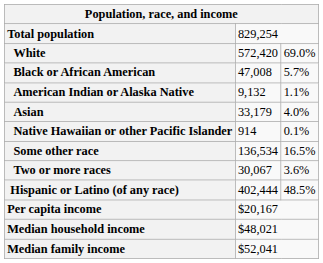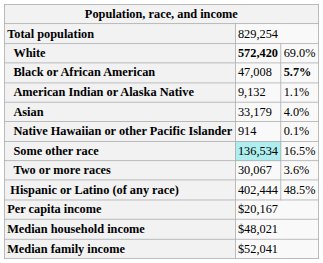 <table class="wikitable collapsible collapsed">
 <tr>
 <th colspan="6">Population, race, and income</th>
 </tr>
 <tr>
 <th scope="row" style="text-align: left;">Total population</th>
 <td colspan="2">829,254</td>
 </tr>
 <tr>
 <th scope="row" style="text-align: left;">  White</th>
-<td>572,420</td>
+<td><strong>572,420</strong></td>
 <td>69.0%</td>
 </tr>
 <tr>
 <th scope="row" style="text-align: left;">  Black or African American</th>
 <td>47,008</td>
-<td>5.7%</td>
+<td><strong>5.7%</strong></td>
 </tr>
 <tr>
 <th scope="row" style="text-align: left;">  American Indian or Alaska Native</th>
 <td>9,132</td>
 <td>1.1%</td>
 </tr>
 <tr>
 <th scope="row" style="text-align: left;">  Asian</th>
 <td>33,179</td>
 <td>4.0%</td>
 </tr>
 <tr>
 <th scope="row" style="text-align: left;">  Native Hawaiian or other Pacific Islander</th>
 <td>914</td>
 <td>0.1%</td>
 </tr>
 <tr>
 <th scope="row" style="text-align: left;">  Some other race</th>
-<td>136,534</td>
+<td style="background: paleturquoise;">136,534</td>
 <td>16.5%</td>
 </tr>
 <tr>
 <th scope="row" style="text-align: left;">  Two or more races</th>
 <td>30,067</td>
 <td>3.6%</td>
 </tr>
 <tr>
 <th scope="row" style="text-align: left;"> Hispanic or Latino (of any race)</th>
 <td>402,444</td>
 <td>48.5%</td>
 </tr>
 <tr>
 <th scope="row" style="text-align: left;">Per capita income</th>
 <td colspan="2">$20,167</td>
 </tr>
 <tr>
 <th scope="row" style="text-align: left;">Median household income</th>
 <td colspan="2">$48,021</td>
 </tr>
 <tr>
 <th scope="row" style="text-align: left;">Median family income</th>
 <td colspan="2">$52,041</td>
 </tr>
 </table>
